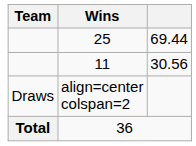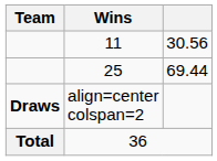 <table class="wikitable" style="float: right">
 <tr style="font-size: 96%;">
 <th>Team</th>
 <th width=35px>Wins</th>
 <th width=35px></th>
 </tr>
 <tr>
 <td></td>
+<td align=center>11</td>
+<td align=center>30.56</td>
+</tr>
+<tr>
+<td></td>
 <td align=center>25</td>
 <td align=center>69.44</td>
 </tr>
 <tr>
-<td></td>
-<td align=center>11</td>
-<td align=center>30.56</td>
-</tr>
-<tr>
-<td>Draws</td>
+<td><strong>Draws</strong></td>
 <td>align=center colspan=2 </td>
 </tr>
 <tr>
 <th>Total</th>
 <td align=center colspan=2>36</td>
 </tr>
 </table>
